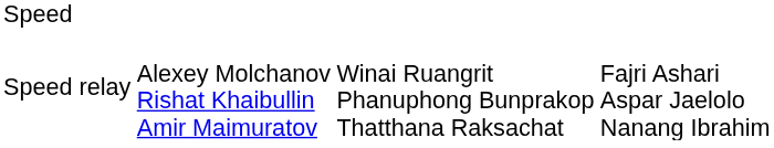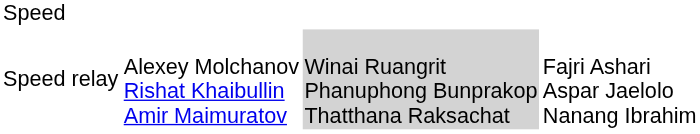 <table>
 <tr>
 <td>Speed</td>
 <td></td>
 <td></td>
 <td></td>
 </tr>
 <tr>
 <td>Speed relay</td>
 <td><br>Alexey Molchanov<br><a href='#'>Rishat Khaibullin</a><br><a href='#'>Amir Maimuratov</a></td>
-<td><br>Winai Ruangrit<br>Phanuphong Bunprakop<br>Thatthana Raksachat</td>
+<td style="background: lightgrey;"><br>Winai Ruangrit<br>Phanuphong Bunprakop<br>Thatthana Raksachat</td>
 <td><br>Fajri Ashari<br>Aspar Jaelolo<br>Nanang Ibrahim</td>
 </tr>
 </table>
